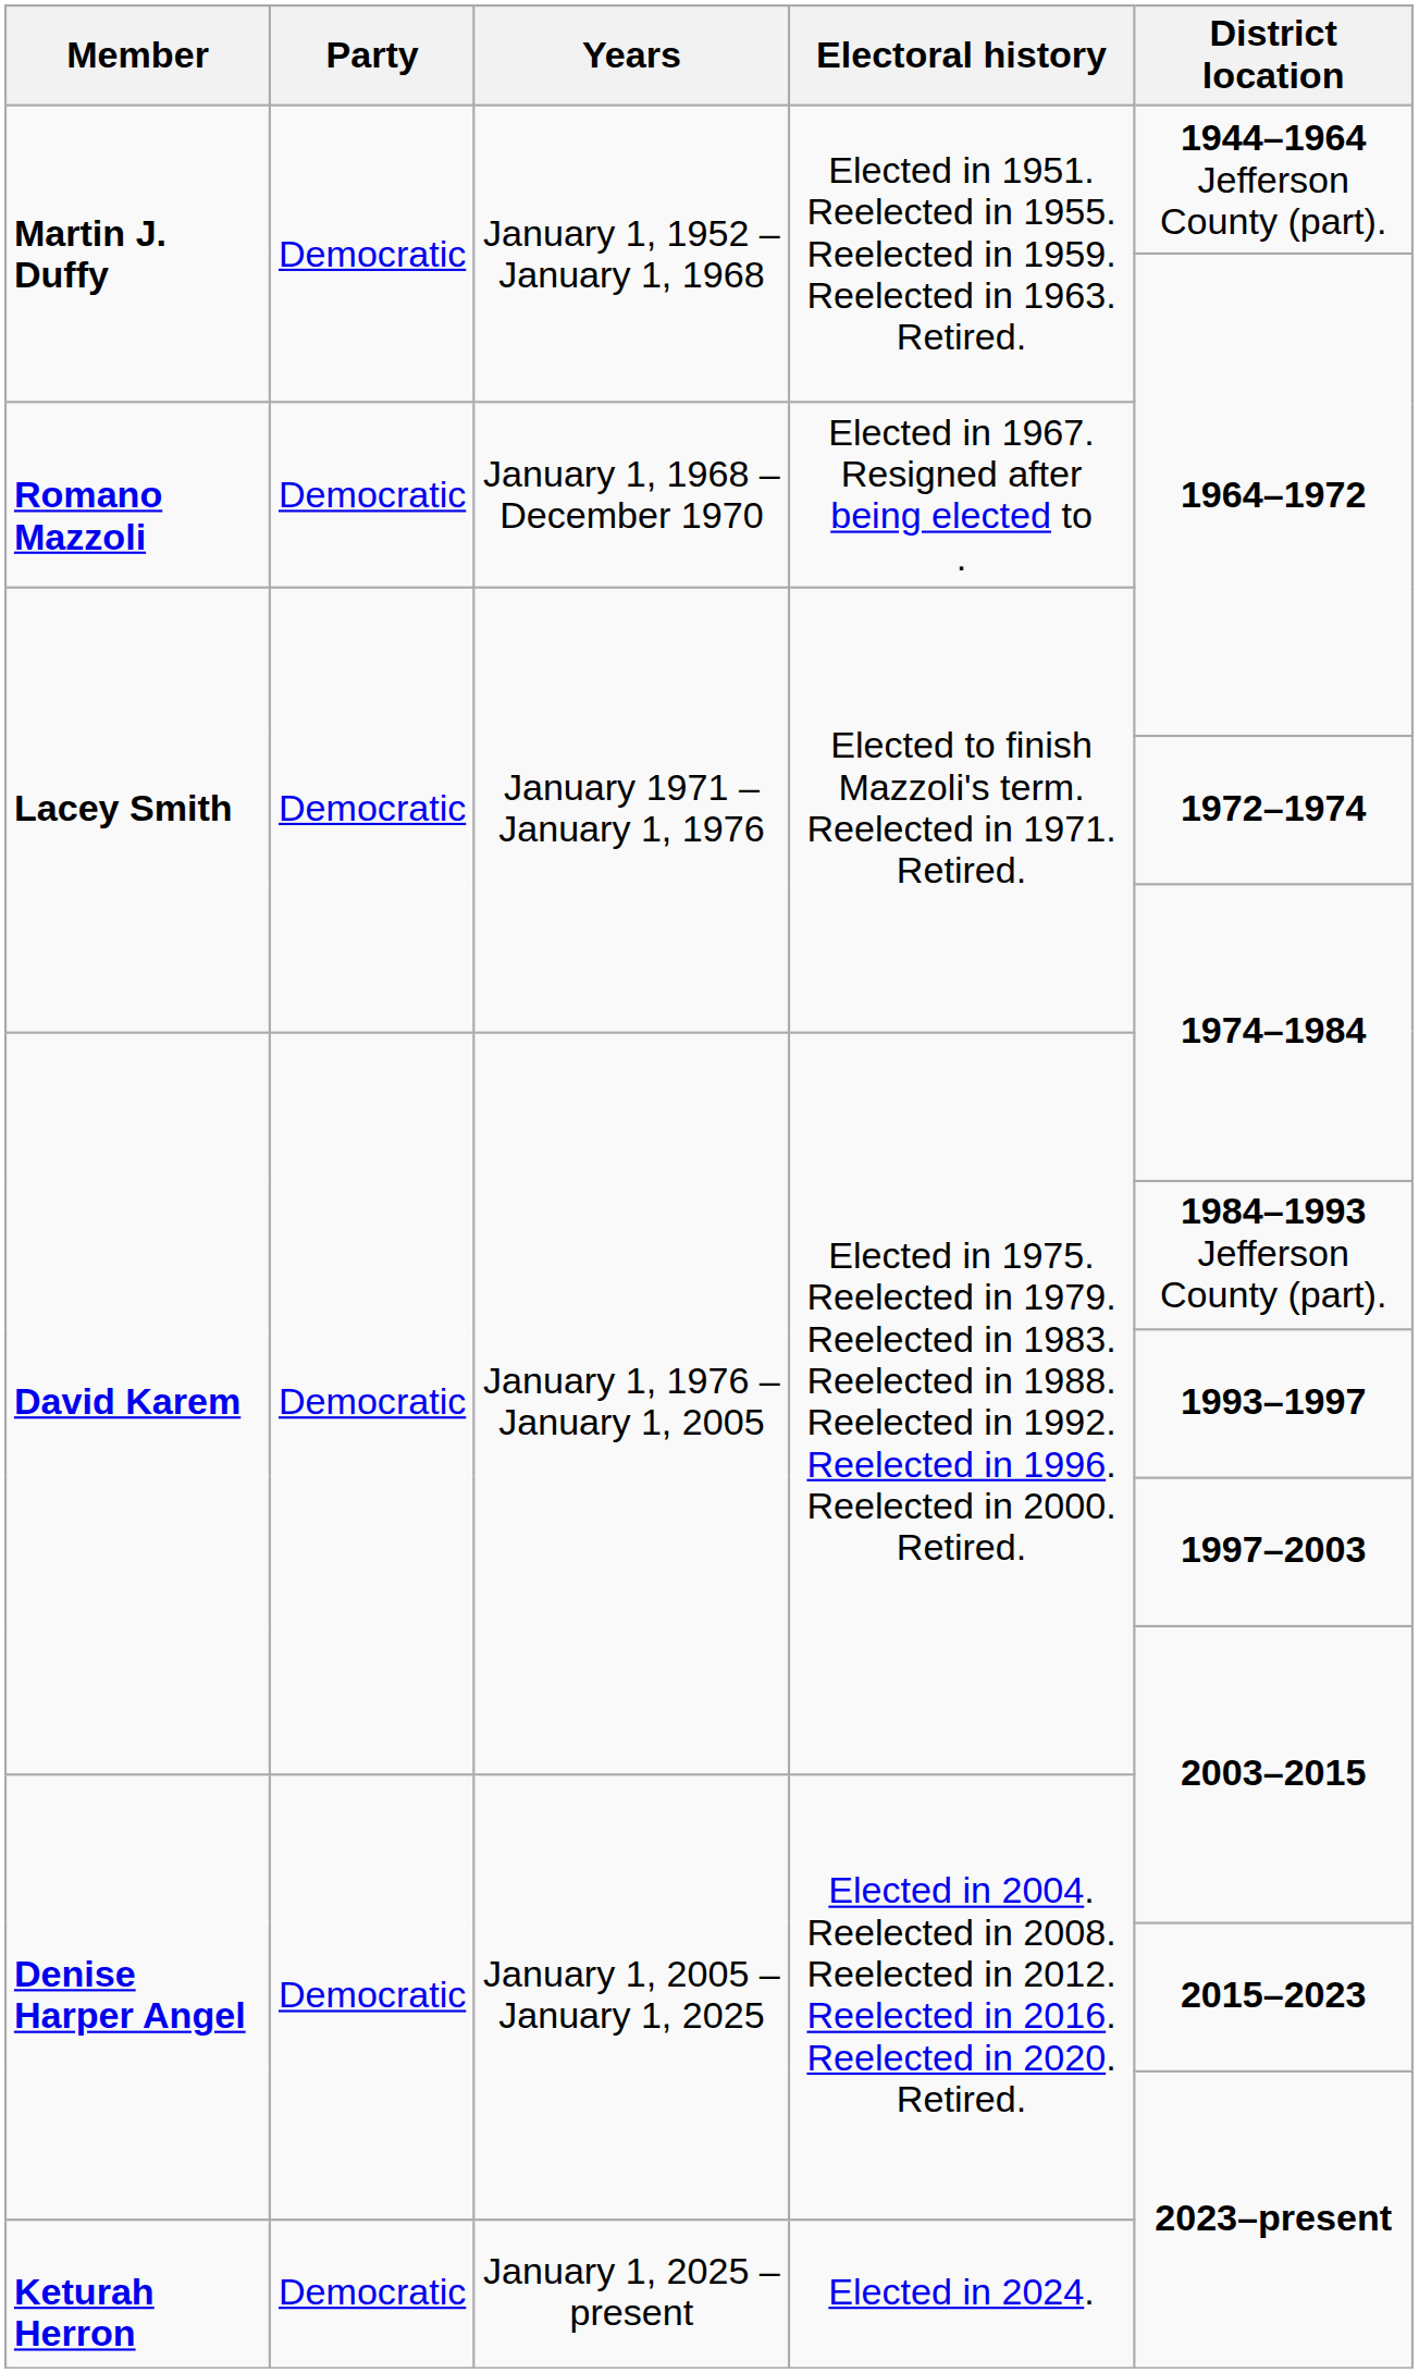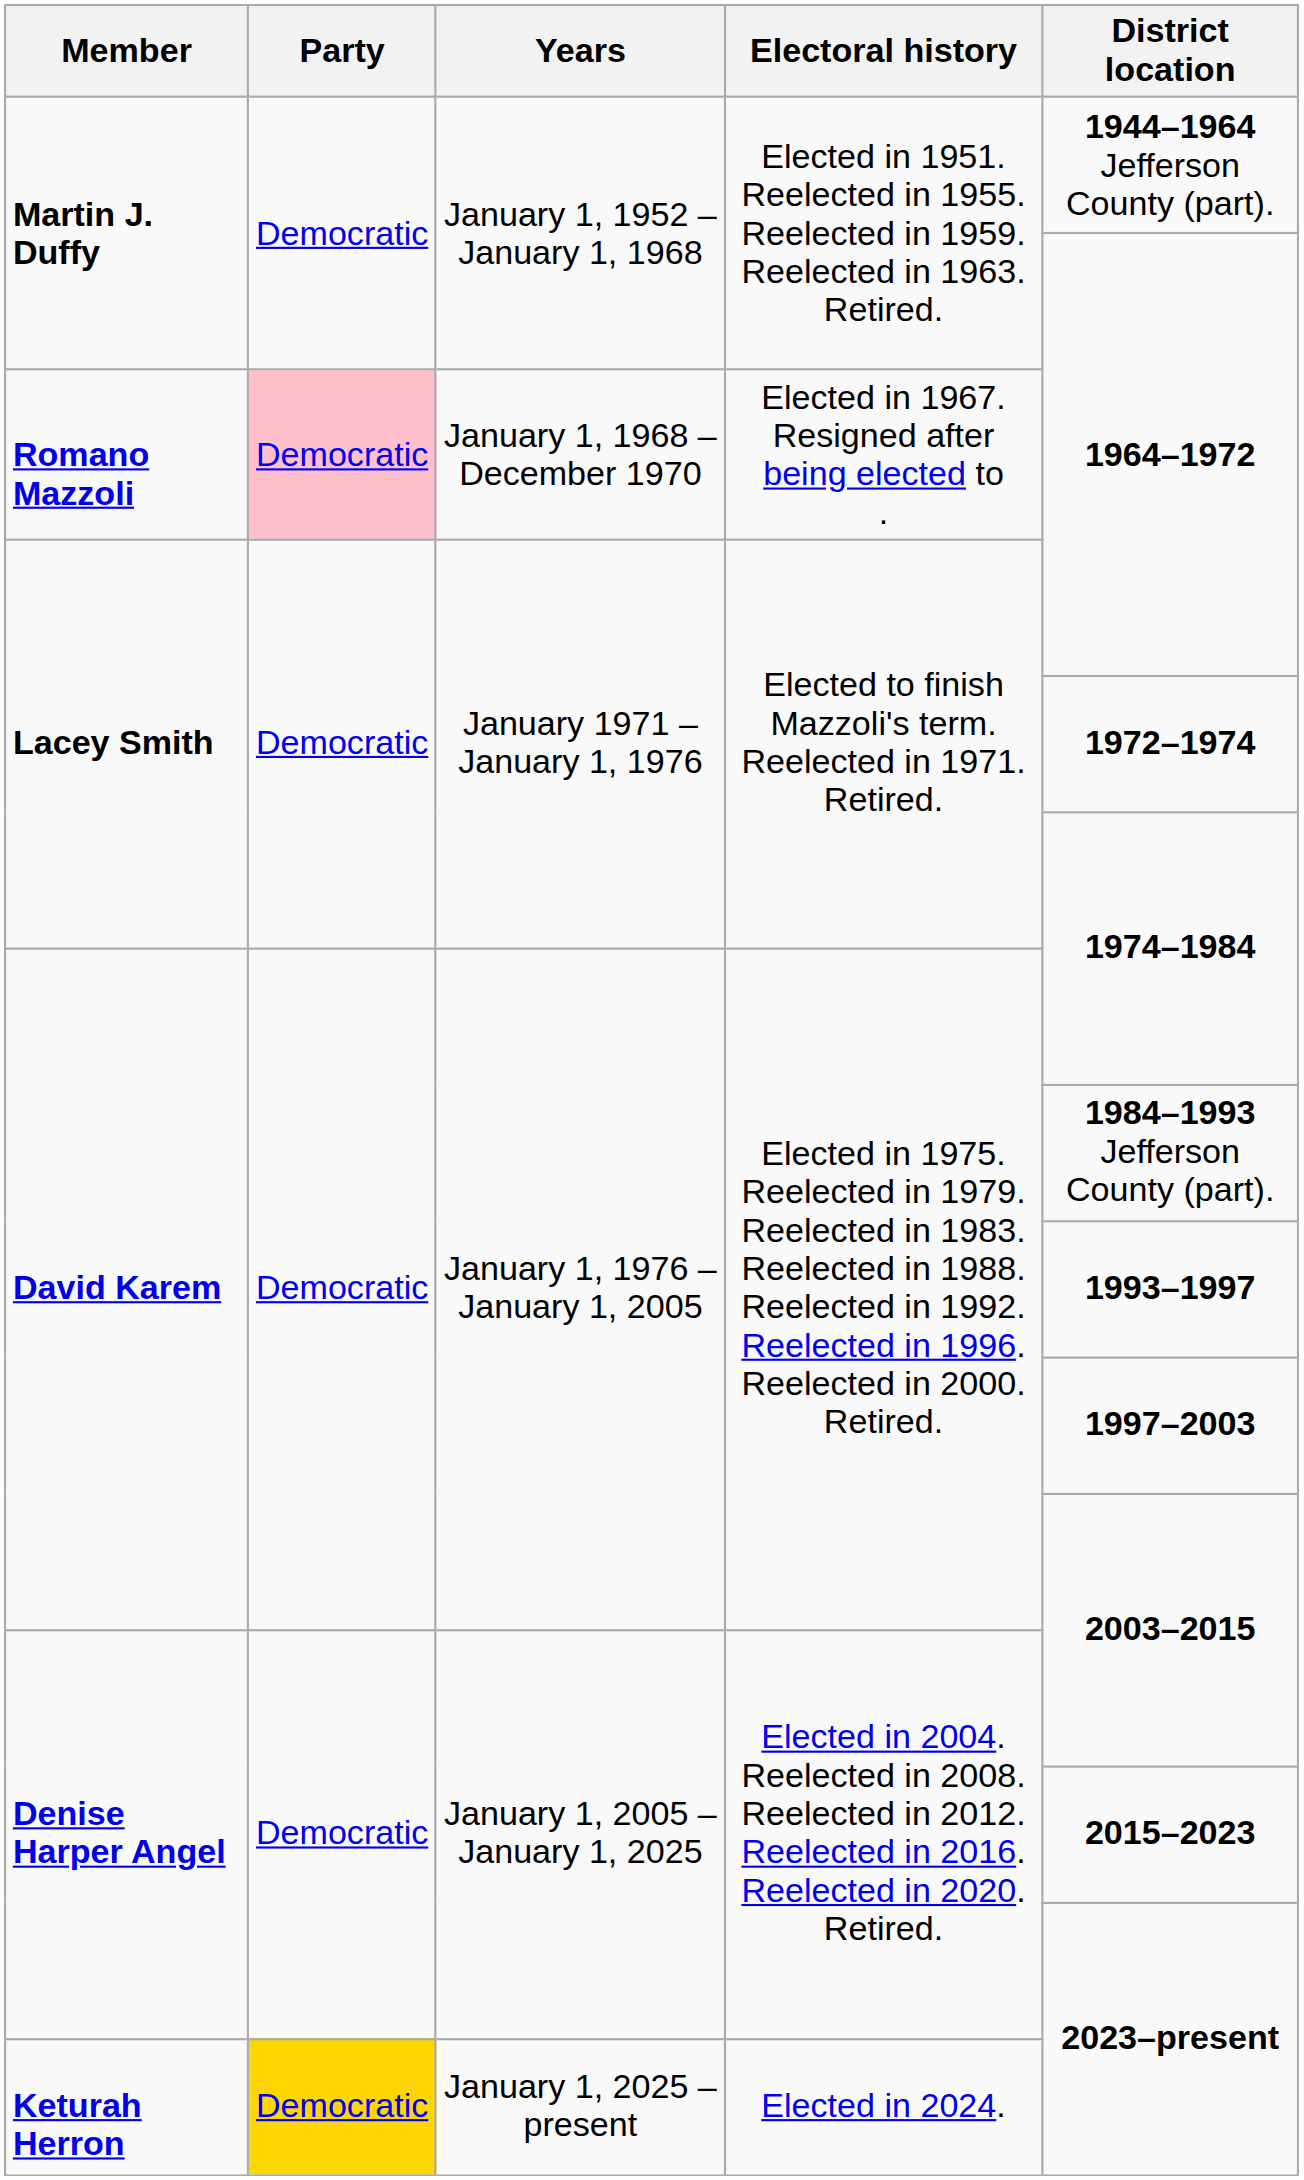 <table class=wikitable style="text-align:center">
 <tr>
 <th>Member</th>
 <th>Party</th>
 <th>Years</th>
 <th>Electoral history</th>
 <th>District location</th>
 </tr>
 <tr style="height:4em">
 <td rowspan=2 align=left><strong>Martin J. Duffy</strong><br></td>
 <td rowspan=2 ><a href='#'>Democratic</a></td>
 <td rowspan=2 nowrap>January 1, 1952 –<br>January 1, 1968</td>
 <td rowspan=2>Elected in 1951.<br>Reelected in 1955.<br>Reelected in 1959.<br>Reelected in 1963.<br>Retired.</td>
 <td><strong>1944–1964</strong><br>Jefferson County (part).</td>
 </tr>
 <tr style="height:4em">
 <td rowspan=3><strong>1964–1972</strong><br></td>
 </tr>
 <tr style="height:4em">
 <td align=left><br><strong><a href='#'>Romano Mazzoli</a></strong><br></td>
-<td><a href='#'>Democratic</a></td>
+<td style="background: pink;"><a href='#'>Democratic</a></td>
 <td nowrap>January 1, 1968 –<br>December 1970</td>
 <td>Elected in 1967.<br>Resigned after <a href='#'>being elected</a> to<br>.</td>
 </tr>
 <tr style="height:4em">
 <td rowspan=3 align=left><strong>Lacey Smith</strong><br></td>
 <td rowspan=3 ><a href='#'>Democratic</a></td>
 <td rowspan=3 nowrap>January 1971 –<br>January 1, 1976</td>
 <td rowspan=3>Elected to finish Mazzoli's term.<br>Reelected in 1971.<br>Retired.</td>
 </tr>
 <tr style="height:4em">
 <td><strong>1972–1974</strong><br></td>
 </tr>
 <tr style="height:4em">
 <td rowspan=2><strong>1974–1984</strong><br></td>
 </tr>
 <tr style="height:4em">
 <td rowspan=5 align=left><strong><a href='#'>David Karem</a></strong><br></td>
 <td rowspan=5 ><a href='#'>Democratic</a></td>
 <td rowspan=5 nowrap>January 1, 1976 –<br>January 1, 2005</td>
 <td rowspan=5>Elected in 1975.<br>Reelected in 1979.<br>Reelected in 1983.<br>Reelected in 1988.<br>Reelected in 1992.<br><a href='#'>Reelected in 1996</a>.<br>Reelected in 2000.<br>Retired.</td>
 </tr>
 <tr style="height:4em">
 <td><strong>1984–1993</strong><br>Jefferson County (part).</td>
 </tr>
 <tr style="height:4em">
 <td><strong>1993–1997</strong><br></td>
 </tr>
 <tr style="height:4em">
 <td><strong>1997–2003</strong><br></td>
 </tr>
 <tr style="height:4em">
 <td rowspan=2><strong>2003–2015</strong><br></td>
 </tr>
 <tr style="height:4em">
 <td rowspan=3 align=left><strong><a href='#'>Denise Harper Angel</a></strong><br></td>
 <td rowspan=3 ><a href='#'>Democratic</a></td>
 <td rowspan=3 nowrap>January 1, 2005 –<br>January 1, 2025</td>
 <td rowspan=3><a href='#'>Elected in 2004</a>.<br>Reelected in 2008.<br>Reelected in 2012.<br><a href='#'>Reelected in 2016</a>.<br><a href='#'>Reelected in 2020</a>.<br>Retired.</td>
 </tr>
 <tr style="height:4em">
 <td><strong>2015–2023</strong><br></td>
 </tr>
 <tr style="height:4em">
 <td rowspan=2><strong>2023–present</strong><br></td>
 </tr>
 <tr style="height:4em">
 <td align=left><br><strong><a href='#'>Keturah Herron</a></strong><br></td>
-<td><a href='#'>Democratic</a></td>
+<td style="background: gold;"><a href='#'>Democratic</a></td>
 <td nowrap>January 1, 2025 –<br>present</td>
 <td><a href='#'>Elected in 2024</a>.</td>
 </tr>
 </table>
